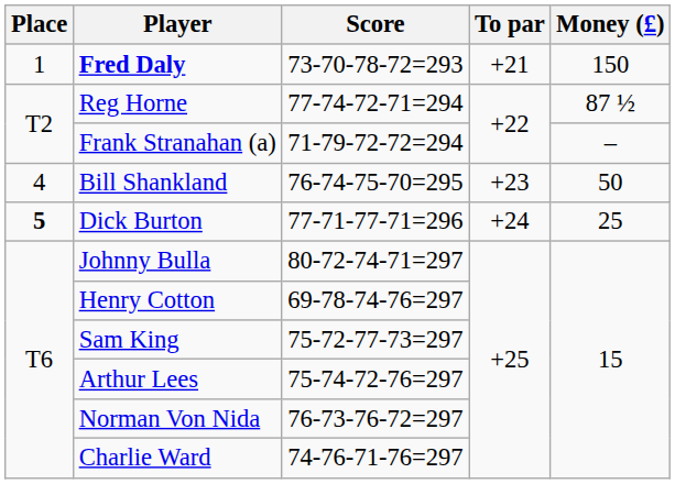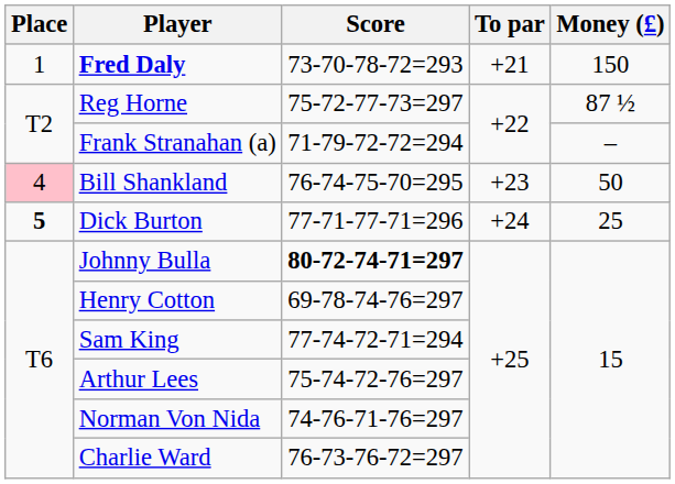 <table class=wikitable>
 <tr>
 <th>Place</th>
 <th>Player</th>
 <th>Score</th>
 <th>To par</th>
 <th>Money (<a href='#'>£</a>)</th>
 </tr>
 <tr>
 <td align=center>1</td>
 <td> <strong><a href='#'>Fred Daly</a></strong></td>
 <td>73-70-78-72=293</td>
 <td align=center>+21</td>
 <td align=center>150</td>
 </tr>
 <tr>
 <td rowspan=2 align=center>T2</td>
 <td> <a href='#'>Reg Horne</a></td>
-<td>77-74-72-71=294</td>
+<td>75-72-77-73=297</td>
 <td rowspan=2 align=center>+22</td>
 <td align=center>87 ½ </td>
 </tr>
 <tr>
 <td> <a href='#'>Frank Stranahan</a> (a)</td>
 <td>71-79-72-72=294</td>
 <td align=center>–</td>
 </tr>
 <tr>
-<td align=center>4</td>
+<td align=center style="background: pink;">4</td>
 <td> <a href='#'>Bill Shankland</a></td>
 <td>76-74-75-70=295</td>
 <td align=center>+23</td>
 <td align=center>50</td>
 </tr>
 <tr>
 <td align=center><strong>5</strong></td>
 <td> <a href='#'>Dick Burton</a></td>
 <td>77-71-77-71=296</td>
 <td align=center>+24</td>
 <td align=center>25</td>
 </tr>
 <tr>
 <td rowspan=6 align=center>T6</td>
 <td> <a href='#'>Johnny Bulla</a></td>
-<td>80-72-74-71=297</td>
+<td><strong>80-72-74-71=297</strong></td>
 <td rowspan=6 align=center>+25</td>
 <td rowspan=6 align=center>15</td>
 </tr>
 <tr>
 <td> <a href='#'>Henry Cotton</a></td>
 <td>69-78-74-76=297</td>
 </tr>
 <tr>
 <td> <a href='#'>Sam King</a></td>
-<td>75-72-77-73=297</td>
+<td>77-74-72-71=294</td>
 </tr>
 <tr>
 <td> <a href='#'>Arthur Lees</a></td>
 <td>75-74-72-76=297</td>
 </tr>
 <tr>
 <td> <a href='#'>Norman Von Nida</a></td>
-<td>76-73-76-72=297</td>
+<td>74-76-71-76=297</td>
 </tr>
 <tr>
 <td> <a href='#'>Charlie Ward</a></td>
-<td>74-76-71-76=297</td>
+<td>76-73-76-72=297</td>
 </tr>
 </table>
